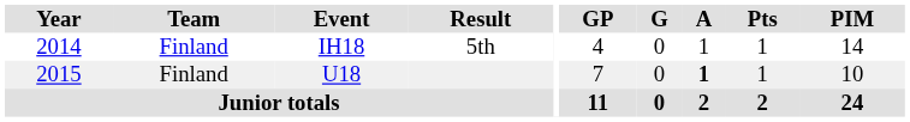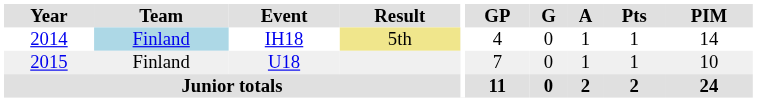 <table border="0" cellpadding="1" cellspacing="0" ID="Table3" style="text-align:center; width:40em">
 <tr ALIGN="center" bgcolor="#e0e0e0">
 <th>Year</th>
 <th>Team</th>
 <th>Event</th>
 <th>Result</th>
 <th rowspan="99" bgcolor="#ffffff"></th>
 <th>GP</th>
 <th>G</th>
 <th>A</th>
 <th>Pts</th>
 <th>PIM</th>
 </tr>
 <tr>
 <td><a href='#'>2014</a></td>
-<td><a href='#'>Finland</a></td>
+<td style="background: lightblue;"><a href='#'>Finland</a></td>
 <td><a href='#'>IH18</a></td>
-<td>5th</td>
+<td style="background: khaki;">5th</td>
 <td>4</td>
 <td>0</td>
 <td>1</td>
 <td>1</td>
 <td>14</td>
 </tr>
 <tr bgcolor="#f0f0f0">
 <td><a href='#'>2015</a></td>
 <td>Finland</td>
 <td><a href='#'>U18</a></td>
 <td></td>
 <td>7</td>
 <td>0</td>
-<td><strong>1</strong></td>
+<td>1</td>
 <td>1</td>
 <td>10</td>
 </tr>
 <tr bgcolor="#e0e0e0">
 <th colspan="4">Junior totals</th>
 <th>11</th>
 <th>0</th>
 <th>2</th>
 <th>2</th>
 <th>24</th>
 </tr>
 </table>
